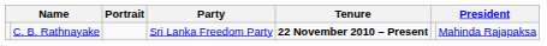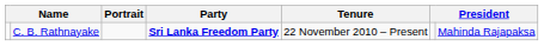 <table class="wikitable" style="font-size:90%; text-align:center;">
 <tr>
 <th colspan="2">Name</th>
 <th>Portrait</th>
 <th>Party</th>
 <th>Tenure</th>
 <th colspan="2"><a href='#'>President</a></th>
 </tr>
 <tr>
 <td !align="center" style="background:"></td>
 <td><a href='#'>C. B. Rathnayake</a></td>
 <td></td>
-<td><a href='#'>Sri Lanka Freedom Party</a></td>
-<td><strong>22 November 2010 – Present</strong></td>
+<td><strong><a href='#'>Sri Lanka Freedom Party</a></strong></td>
+<td>22 November 2010 – Present</td>
 <td !align="center" style="background:"></td>
 <td><a href='#'>Mahinda Rajapaksa</a></td>
 </tr>
 </table>
